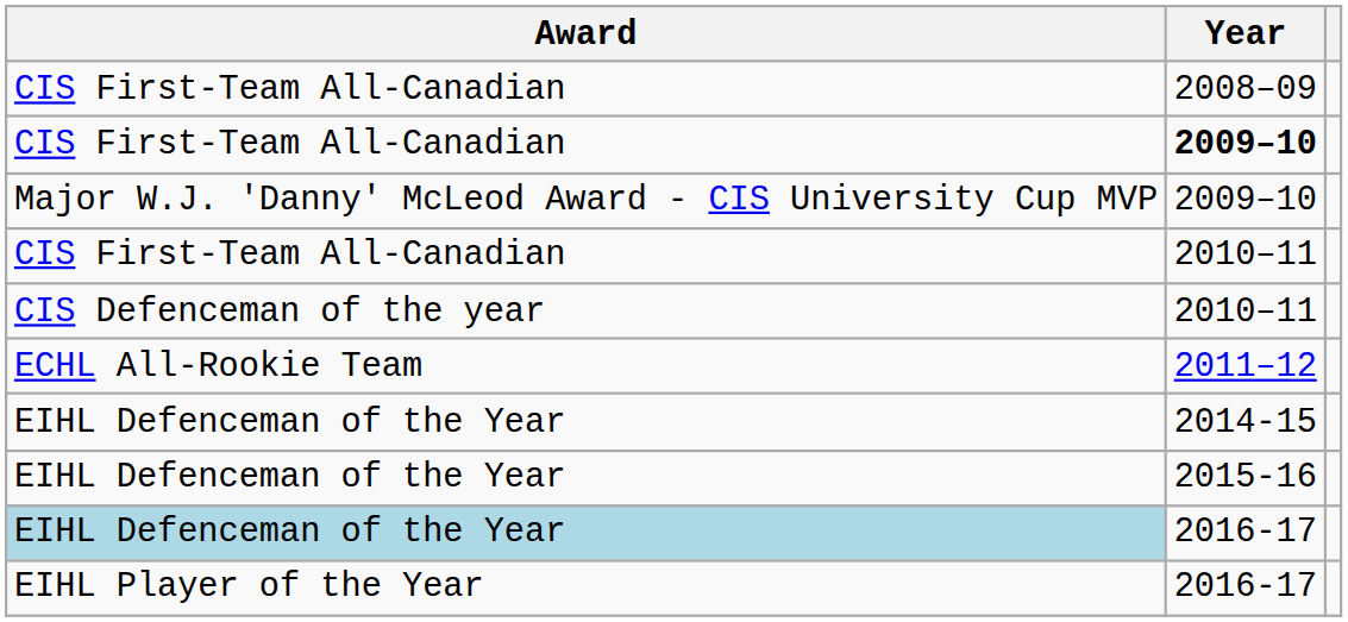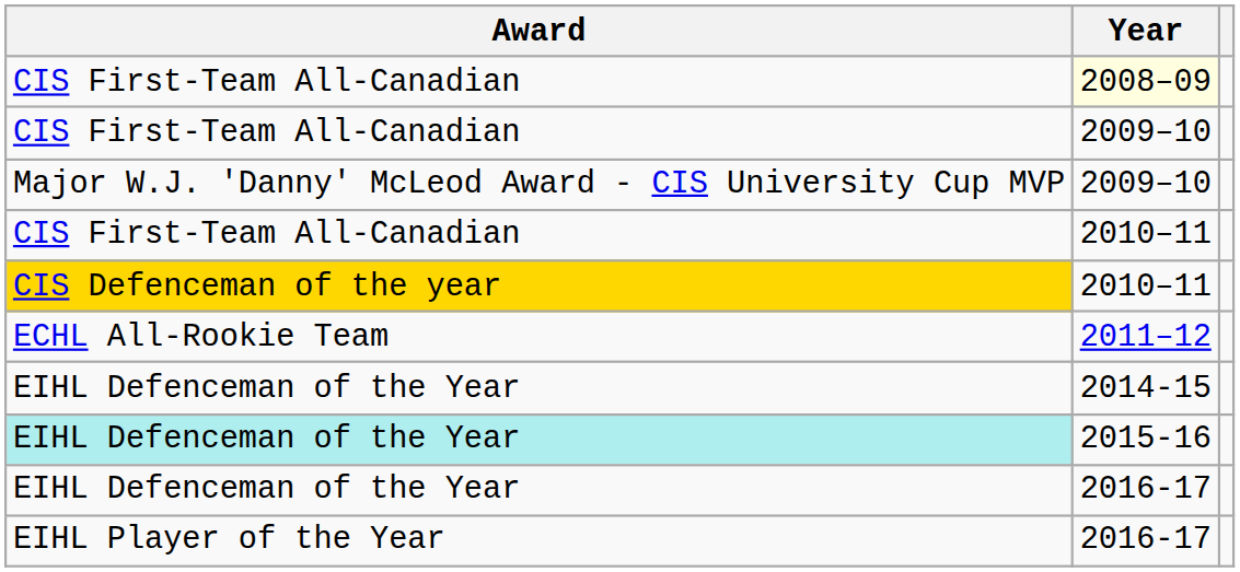 <table class="wikitable">
 <tr>
 <th>Award</th>
 <th>Year</th>
 <th></th>
 </tr>
 <tr>
 <td><a href='#'>CIS</a> First-Team All-Canadian</td>
-<td>2008–09</td>
+<td style="background: lightyellow;">2008–09</td>
 <td></td>
 </tr>
 <tr>
 <td><a href='#'>CIS</a> First-Team All-Canadian</td>
-<td><strong>2009–10</strong></td>
+<td>2009–10</td>
 <td></td>
 </tr>
 <tr>
 <td>Major W.J. 'Danny' McLeod Award - <a href='#'>CIS</a> University Cup MVP</td>
 <td>2009–10</td>
 <td></td>
 </tr>
 <tr>
 <td><a href='#'>CIS</a> First-Team All-Canadian</td>
 <td>2010–11</td>
 <td></td>
 </tr>
 <tr>
-<td><a href='#'>CIS</a> Defenceman of the year</td>
+<td style="background: gold;"><a href='#'>CIS</a> Defenceman of the year</td>
 <td>2010–11</td>
 <td></td>
 </tr>
 <tr>
 <td><a href='#'>ECHL</a> All-Rookie Team</td>
 <td><a href='#'>2011–12</a></td>
 <td></td>
 </tr>
 <tr>
 <td>EIHL Defenceman of the Year</td>
 <td>2014-15</td>
 <td></td>
 </tr>
 <tr>
-<td>EIHL Defenceman of the Year</td>
+<td style="background: paleturquoise;">EIHL Defenceman of the Year</td>
 <td>2015-16</td>
 <td></td>
 </tr>
 <tr>
-<td style="background: lightblue;">EIHL Defenceman of the Year</td>
+<td>EIHL Defenceman of the Year</td>
 <td>2016-17</td>
 <td></td>
 </tr>
 <tr>
 <td>EIHL Player of the Year</td>
 <td>2016-17</td>
 <td></td>
 </tr>
 </table>
